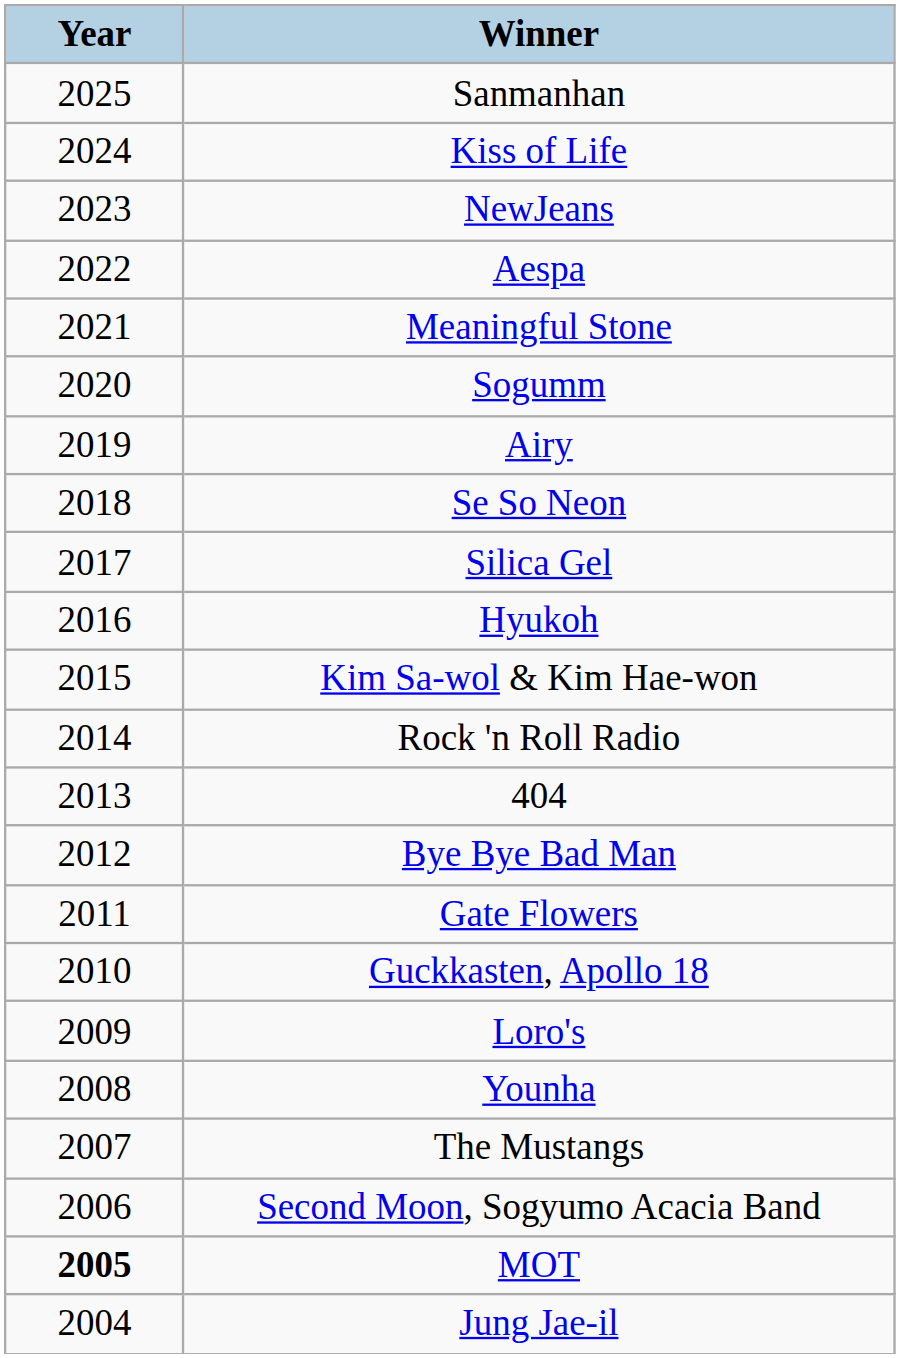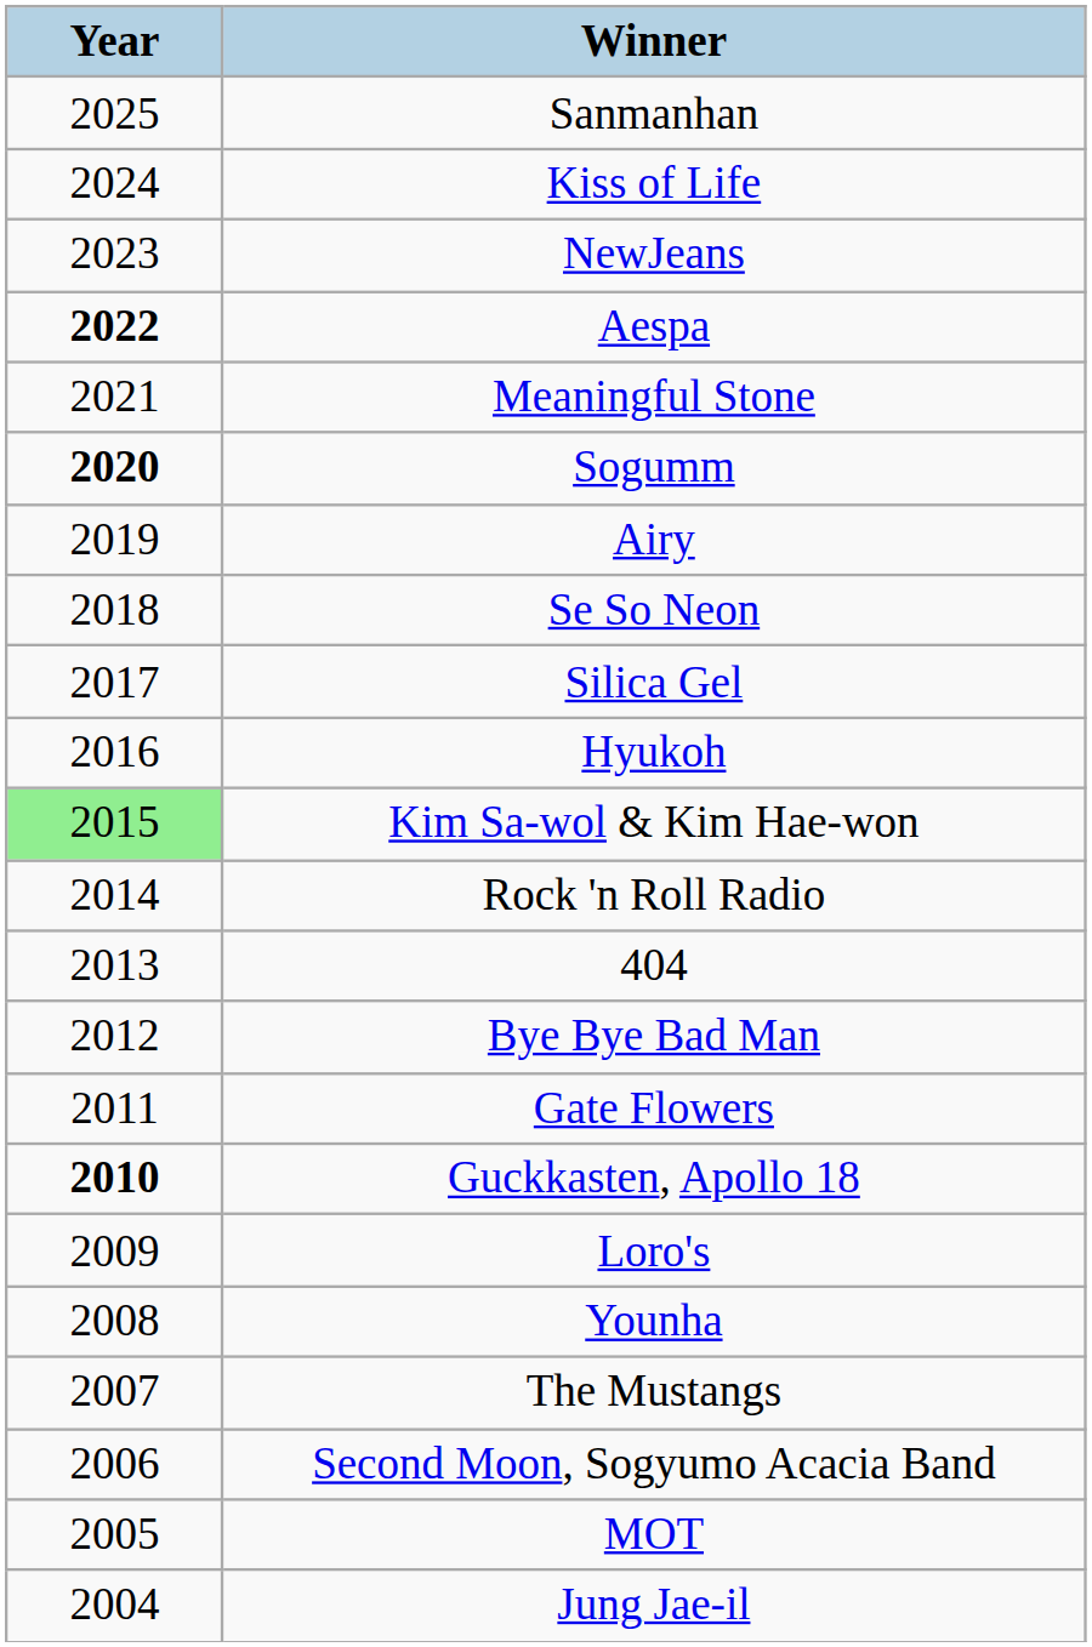 <table class="wikitable" style="text-align: center">
 <tr>
 <th width="70" style="background:#b3d1e3;">Year</th>
 <th width="300" style="background:#b3d1e3;">Winner</th>
 </tr>
 <tr>
 <td>2025</td>
 <td>Sanmanhan</td>
 </tr>
 <tr>
 <td>2024</td>
 <td><a href='#'>Kiss of Life</a></td>
 </tr>
 <tr>
 <td>2023</td>
 <td><a href='#'>NewJeans</a></td>
 </tr>
 <tr>
-<td>2022</td>
+<td><strong>2022</strong></td>
 <td><a href='#'>Aespa</a></td>
 </tr>
 <tr>
 <td>2021</td>
 <td><a href='#'>Meaningful Stone</a></td>
 </tr>
 <tr>
-<td>2020</td>
+<td><strong>2020</strong></td>
 <td><a href='#'>Sogumm</a></td>
 </tr>
 <tr>
 <td>2019</td>
 <td><a href='#'>Airy</a></td>
 </tr>
 <tr>
 <td>2018</td>
 <td><a href='#'>Se So Neon</a></td>
 </tr>
 <tr>
 <td>2017</td>
 <td><a href='#'>Silica Gel</a></td>
 </tr>
 <tr>
 <td>2016</td>
 <td><a href='#'>Hyukoh</a></td>
 </tr>
 <tr>
-<td>2015</td>
+<td style="background: lightgreen;">2015</td>
 <td><a href='#'>Kim Sa-wol</a> & Kim Hae-won</td>
 </tr>
 <tr>
 <td>2014</td>
 <td>Rock 'n Roll Radio</td>
 </tr>
 <tr>
 <td>2013</td>
 <td>404</td>
 </tr>
 <tr>
 <td>2012</td>
 <td align=center><a href='#'>Bye Bye Bad Man</a></td>
 </tr>
 <tr>
 <td>2011</td>
 <td align=center><a href='#'>Gate Flowers</a></td>
 </tr>
 <tr>
-<td>2010</td>
+<td><strong>2010</strong></td>
 <td align=center><a href='#'>Guckkasten</a>, <a href='#'>Apollo 18</a></td>
 </tr>
 <tr>
 <td>2009</td>
 <td align=center><a href='#'>Loro's</a></td>
 </tr>
 <tr>
 <td>2008</td>
 <td align=center><a href='#'>Younha</a></td>
 </tr>
 <tr>
 <td>2007</td>
 <td align=center>The Mustangs</td>
 </tr>
 <tr>
 <td>2006</td>
 <td align=center><a href='#'>Second Moon</a>, Sogyumo Acacia Band</td>
 </tr>
 <tr>
-<td><strong>2005</strong></td>
+<td>2005</td>
 <td align=center><a href='#'>MOT</a></td>
 </tr>
 <tr>
 <td>2004</td>
 <td align=center><a href='#'>Jung Jae-il</a></td>
 </tr>
 </table>
